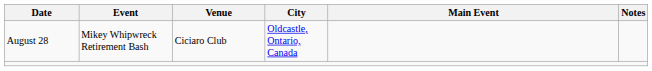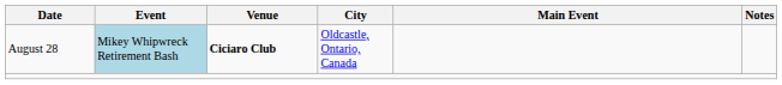 <table class="sortable wikitable succession-box" style="font-size:85%;">
 <tr>
 <th scope="col" style="width:12%;">Date</th>
 <th scope="col" style="width:15%;">Event</th>
 <th scope="col" style="width:15%;">Venue</th>
 <th scope="col" style="width:10%;">City</th>
 <th scope="col" style="width:50%;">Main Event</th>
 <th scope="col" style="width:70%;">Notes</th>
 </tr>
 <tr>
 <td>August 28</td>
-<td>Mikey Whipwreck Retirement Bash</td>
-<td>Ciciaro Club</td>
+<td style="background: lightblue;">Mikey Whipwreck Retirement Bash</td>
+<td><strong>Ciciaro Club</strong></td>
 <td><a href='#'>Oldcastle, Ontario, Canada</a></td>
 <td></td>
 <td></td>
 </tr>
 <tr>
 <td colspan="6"></td>
 </tr>
 </table>
